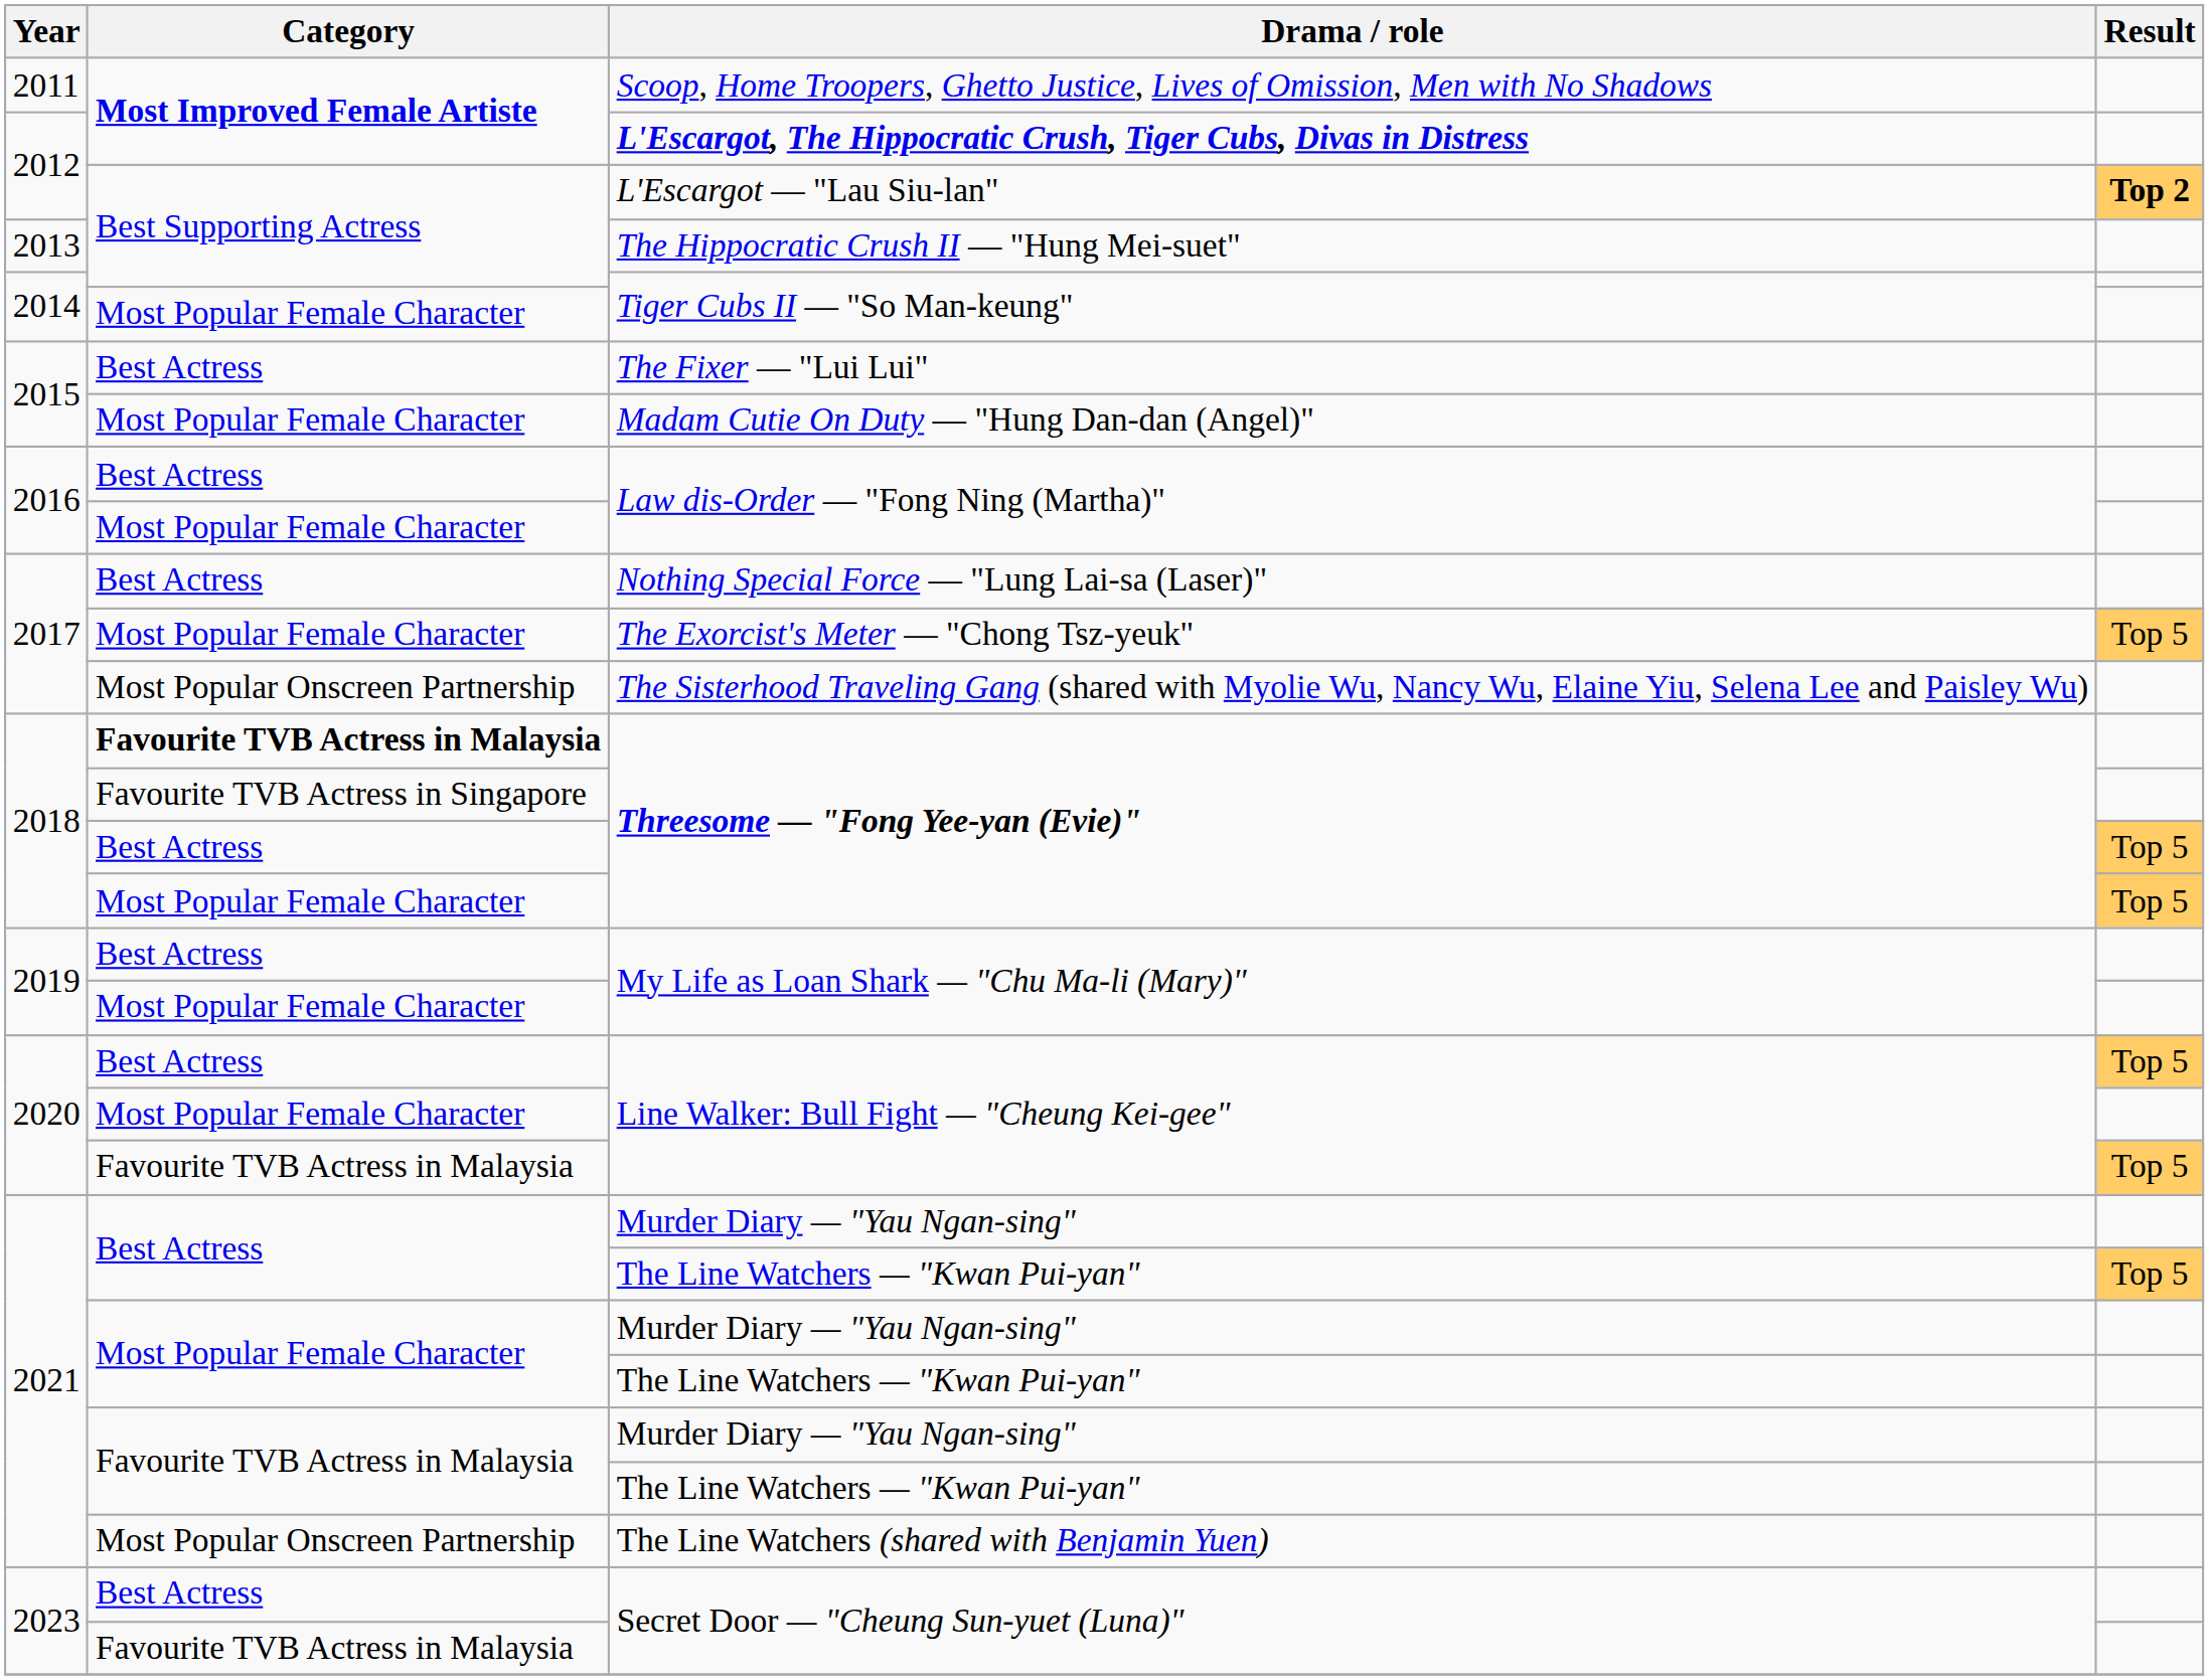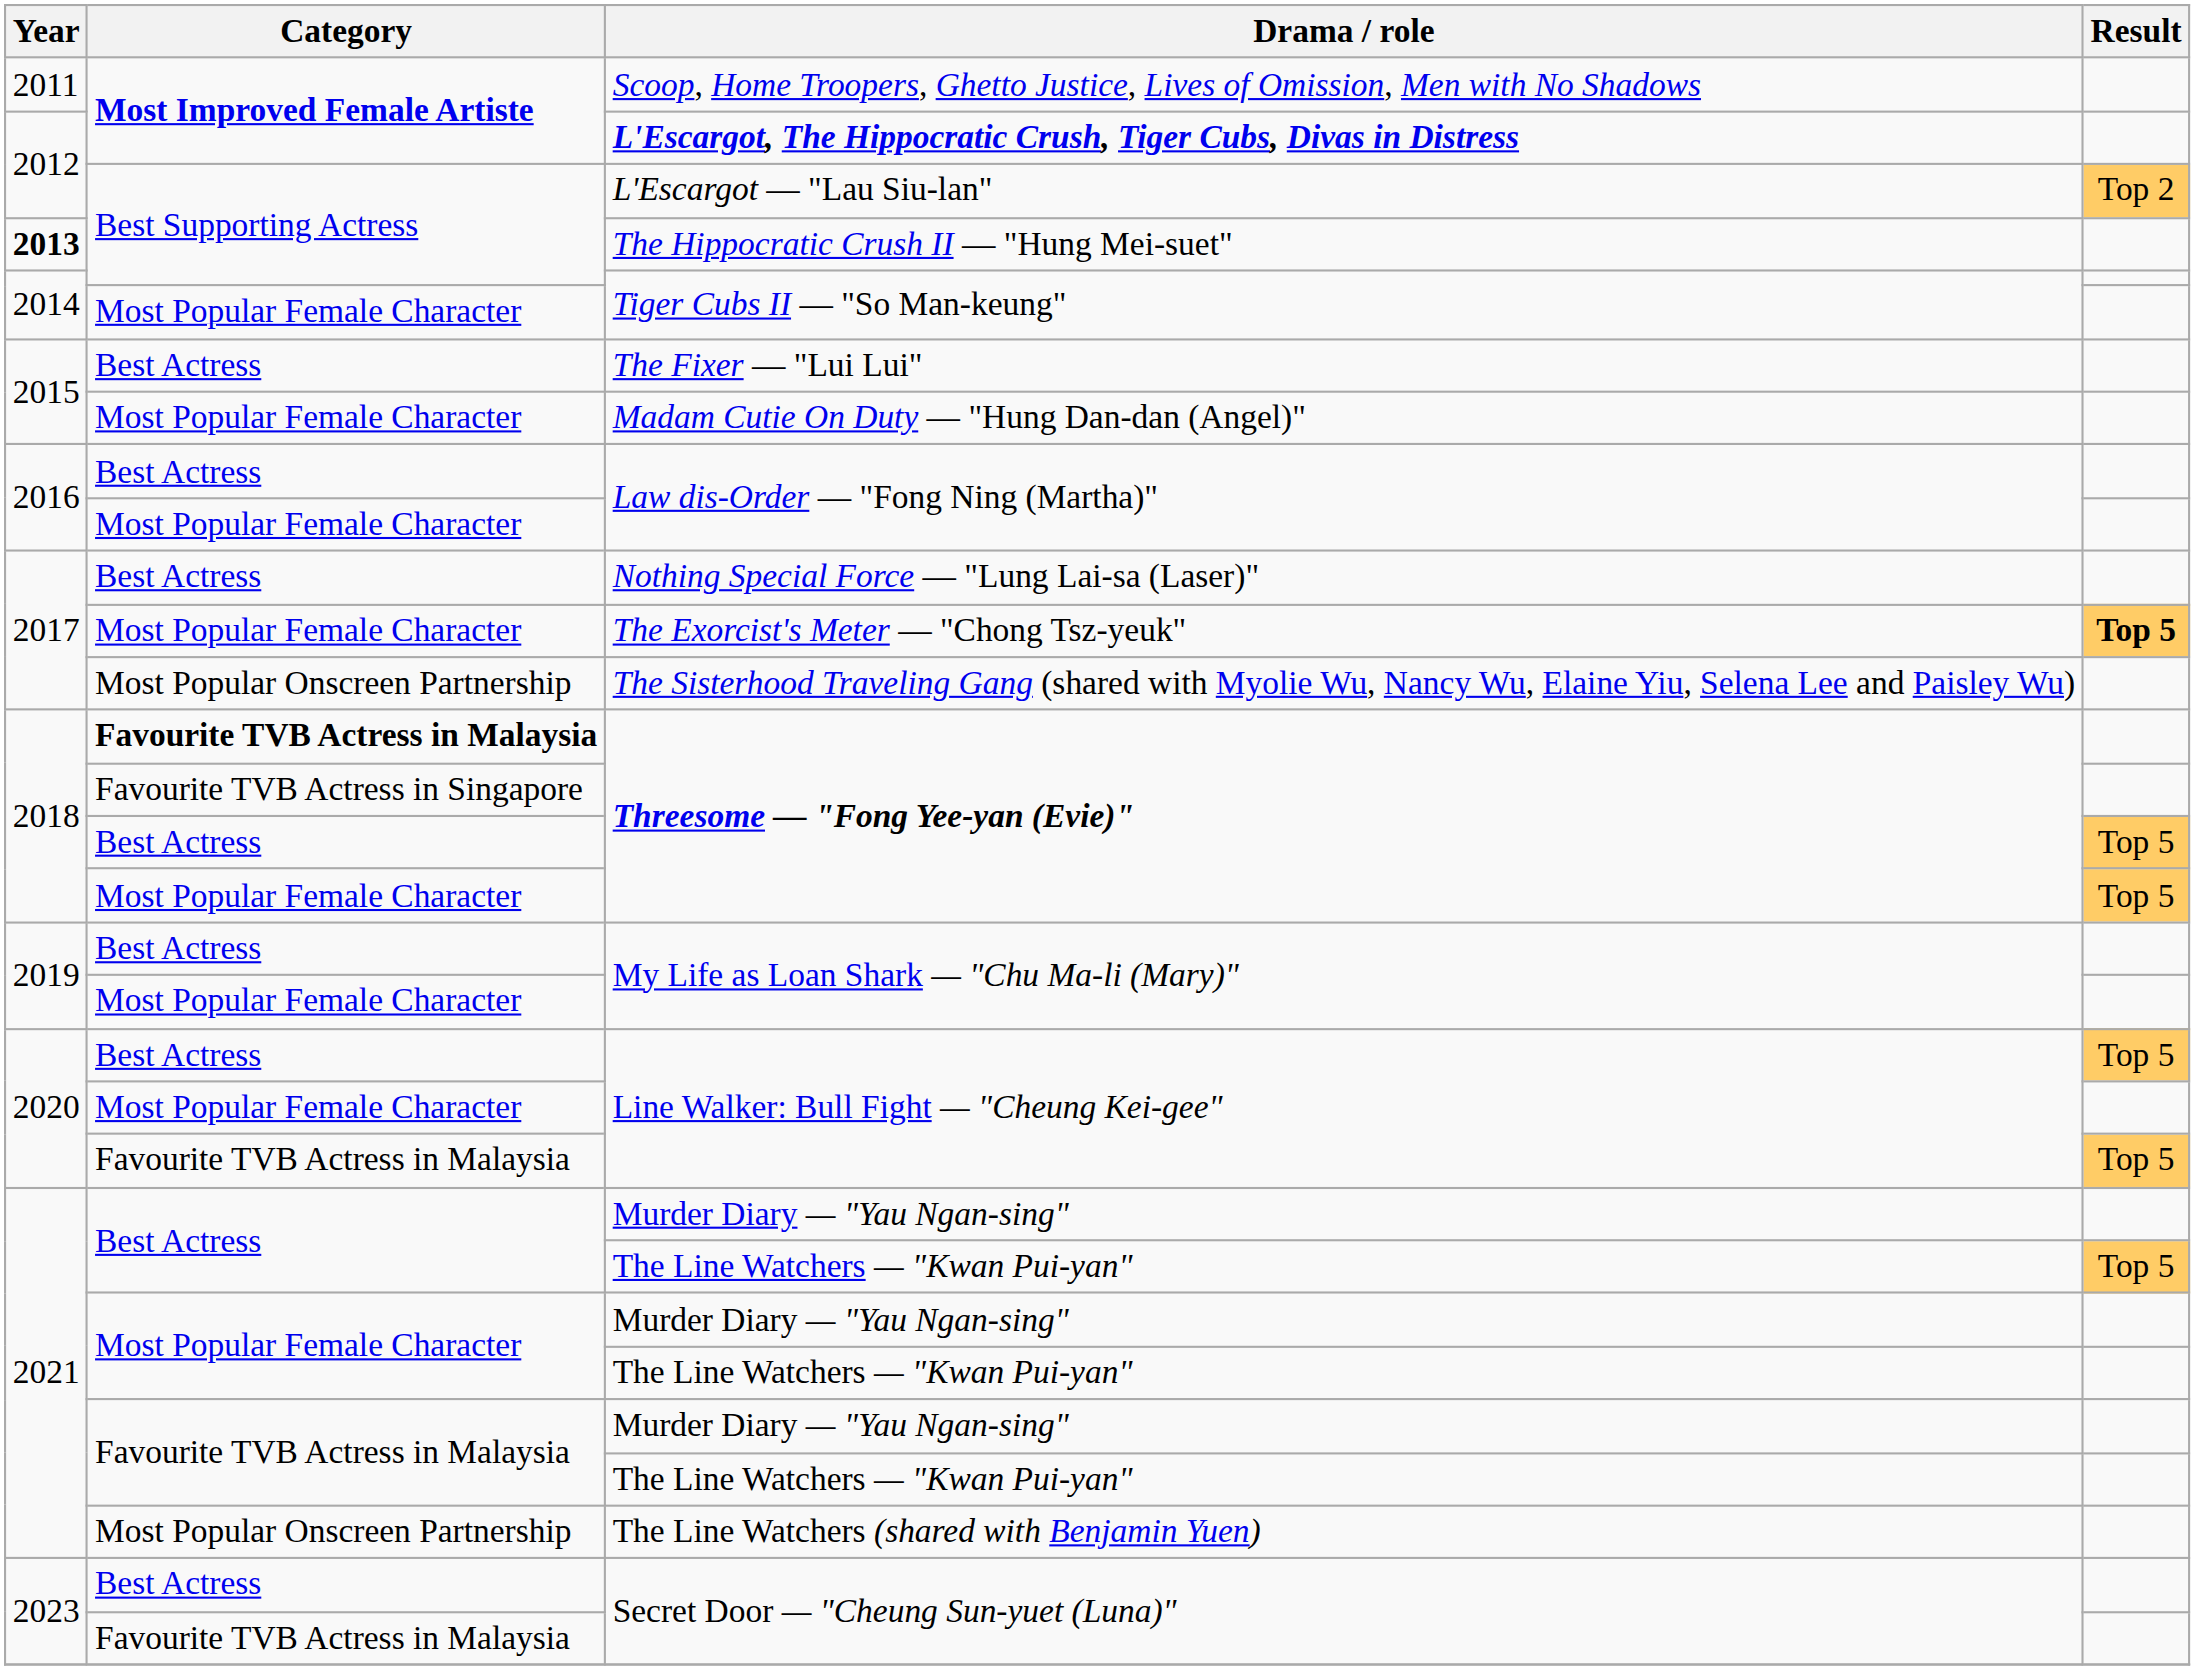 <table class="wikitable sortable">
 <tr>
 <th>Year</th>
 <th>Category</th>
 <th>Drama / role</th>
 <th>Result</th>
 </tr>
 <tr>
 <td>2011</td>
 <td rowspan=2><strong> <a href='#'>Most Improved Female Artiste</a> </strong></td>
 <td><em><a href='#'>Scoop</a></em>, <em><a href='#'>Home Troopers</a></em>, <em><a href='#'>Ghetto Justice</a></em>, <em><a href='#'>Lives of Omission</a></em>, <em><a href='#'>Men with No Shadows</a></em></td>
 <td></td>
 </tr>
 <tr>
 <td rowspan=2>2012</td>
 <td><strong><em><a href='#'>L'Escargot</a><em>, </em><a href='#'>The Hippocratic Crush</a><em>, </em><a href='#'>Tiger Cubs</a><em>, </em><a href='#'>Divas in Distress</a></em></strong></td>
 <td></td>
 </tr>
 <tr>
 <td rowspan=3><a href='#'>Best Supporting Actress</a></td>
 <td><em>L'Escargot</em> — "Lau Siu-lan"</td>
-<td style="background-color:#ffcc66; text-align:center;"><strong>Top 2</strong></td>
+<td style="background-color:#ffcc66; text-align:center;">Top 2</td>
 </tr>
 <tr>
-<td>2013</td>
+<td><strong>2013</strong></td>
 <td><em><a href='#'>The Hippocratic Crush II</a></em> — "Hung Mei-suet"</td>
 <td></td>
 </tr>
 <tr>
 <td rowspan=2>2014</td>
 <td rowspan=2><em><a href='#'>Tiger Cubs II</a></em> — "So Man-keung"</td>
 <td></td>
 </tr>
 <tr>
 <td><a href='#'>Most Popular Female Character</a></td>
 <td></td>
 </tr>
 <tr>
 <td rowspan=2>2015</td>
 <td><a href='#'>Best Actress</a></td>
 <td><em><a href='#'>The Fixer</a></em> — "Lui Lui"</td>
 <td></td>
 </tr>
 <tr>
 <td><a href='#'>Most Popular Female Character</a></td>
 <td><em><a href='#'>Madam Cutie On Duty</a></em> — "Hung Dan-dan (Angel)"</td>
 <td></td>
 </tr>
 <tr>
 <td rowspan=2>2016</td>
 <td><a href='#'>Best Actress</a></td>
 <td rowspan=2><em><a href='#'>Law dis-Order</a></em> — "Fong Ning (Martha)"</td>
 <td></td>
 </tr>
 <tr>
 <td><a href='#'>Most Popular Female Character</a></td>
 <td></td>
 </tr>
 <tr>
 <td rowspan=3>2017</td>
 <td><a href='#'>Best Actress</a></td>
 <td><em><a href='#'>Nothing Special Force</a></em> — "Lung Lai-sa (Laser)"</td>
 <td></td>
 </tr>
 <tr>
 <td><a href='#'>Most Popular Female Character</a></td>
 <td><em><a href='#'>The Exorcist's Meter</a></em> — "Chong Tsz-yeuk"</td>
-<td style="background-color:#ffcc66; text-align:center;">Top 5</td>
+<td style="background-color:#ffcc66; text-align:center;"><strong>Top 5</strong></td>
 </tr>
 <tr>
 <td>Most Popular Onscreen Partnership</td>
 <td><em><a href='#'>The Sisterhood Traveling Gang</a></em> (shared with <a href='#'>Myolie Wu</a>, <a href='#'>Nancy Wu</a>, <a href='#'>Elaine Yiu</a>, <a href='#'>Selena Lee</a> and <a href='#'>Paisley Wu</a>)</td>
 <td></td>
 </tr>
 <tr>
 <td rowspan=4>2018</td>
 <td><strong> Favourite TVB Actress in Malaysia </strong></td>
 <td rowspan=4><strong><em><a href='#'>Threesome</a><em> — "Fong Yee-yan (Evie)"<strong></td>
 <td></td>
 </tr>
 <tr>
 <td></strong> Favourite TVB Actress in Singapore <strong></td>
 <td></td>
 </tr>
 <tr>
 <td><a href='#'>Best Actress</a></td>
 <td style="background-color:#ffcc66; text-align:center;">Top 5</td>
 </tr>
 <tr>
 <td><a href='#'>Most Popular Female Character</a></td>
 <td style="background-color:#ffcc66; text-align:center;">Top 5</td>
 </tr>
 <tr>
 <td rowspan=2>2019</td>
 <td><a href='#'>Best Actress</a></td>
 <td rowspan=2></em><a href='#'>My Life as Loan Shark</a><em> — "Chu Ma-li (Mary)"</td>
 <td></td>
 </tr>
 <tr>
 <td><a href='#'>Most Popular Female Character</a></td>
 <td></td>
 </tr>
 <tr>
 <td rowspan=3>2020</td>
 <td><a href='#'>Best Actress</a></td>
 <td rowspan=3></em><a href='#'>Line Walker: Bull Fight</a><em> — "Cheung Kei-gee"</td>
 <td style="background-color:#ffcc66; text-align:center;">Top 5</td>
 </tr>
 <tr>
 <td><a href='#'>Most Popular Female Character</a></td>
 <td></td>
 </tr>
 <tr>
 <td>Favourite TVB Actress in Malaysia</td>
 <td style="background-color:#ffcc66; text-align:center;">Top 5</td>
 </tr>
 <tr>
 <td rowspan=7>2021</td>
 <td rowspan=2><a href='#'>Best Actress</a></td>
 <td></em><a href='#'>Murder Diary</a><em> — "Yau Ngan-sing"</td>
 <td></td>
 </tr>
 <tr>
 <td></em><a href='#'>The Line Watchers</a><em> — "Kwan Pui-yan"</td>
 <td style="background-color:#ffcc66; text-align:center;">Top 5</td>
 </tr>
 <tr>
 <td rowspan=2><a href='#'>Most Popular Female Character</a></td>
 <td></em>Murder Diary<em> — "Yau Ngan-sing"</td>
 <td></td>
 </tr>
 <tr>
 <td></em>The Line Watchers<em> — "Kwan Pui-yan"</td>
 <td></td>
 </tr>
 <tr>
 <td rowspan=2>Favourite TVB Actress in  Malaysia</td>
 <td></em>Murder Diary<em> — "Yau Ngan-sing"</td>
 <td></td>
 </tr>
 <tr>
 <td></em>The Line Watchers<em> — "Kwan Pui-yan"</td>
 <td></td>
 </tr>
 <tr>
 <td>Most Popular Onscreen Partnership</td>
 <td></em>The Line Watchers<em> (shared with <a href='#'>Benjamin Yuen</a>)</td>
 <td></td>
 </tr>
 <tr>
 <td rowspan=2>2023</td>
 <td><a href='#'>Best Actress</a></td>
 <td rowspan=2></em>Secret Door<em> — "Cheung Sun-yuet (Luna)"</td>
 <td></td>
 </tr>
 <tr>
 <td>Favourite TVB Actress in  Malaysia</td>
 <td></td>
 </tr>
 <tr>
 </tr>
 </table>
